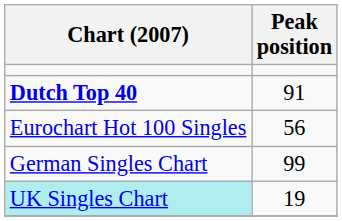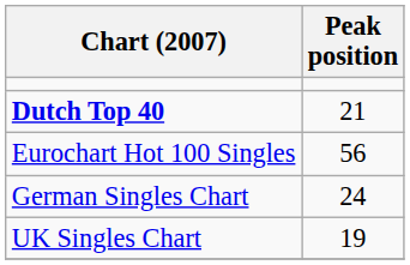 <table class="wikitable sortable">
 <tr>
 <th>Chart (2007)</th>
 <th align="center">Peak<br>position</th>
 </tr>
 <tr>
 <td></td>
 </tr>
 <tr>
 <td align="left"><strong><a href='#'>Dutch Top 40</a></strong></td>
-<td align="center">91</td>
+<td align="center">21</td>
 </tr>
 <tr>
 <td align="left"><a href='#'>Eurochart Hot 100 Singles</a></td>
 <td align="center">56</td>
 </tr>
 <tr>
 <td align="left"><a href='#'>German Singles Chart</a></td>
-<td align="center">99</td>
+<td align="center">24</td>
 </tr>
 <tr>
-<td align="left" style="background: paleturquoise;"><a href='#'>UK Singles Chart</a></td>
+<td align="left"><a href='#'>UK Singles Chart</a></td>
 <td align="center">19</td>
 </tr>
 <tr>
 </tr>
 </table>
